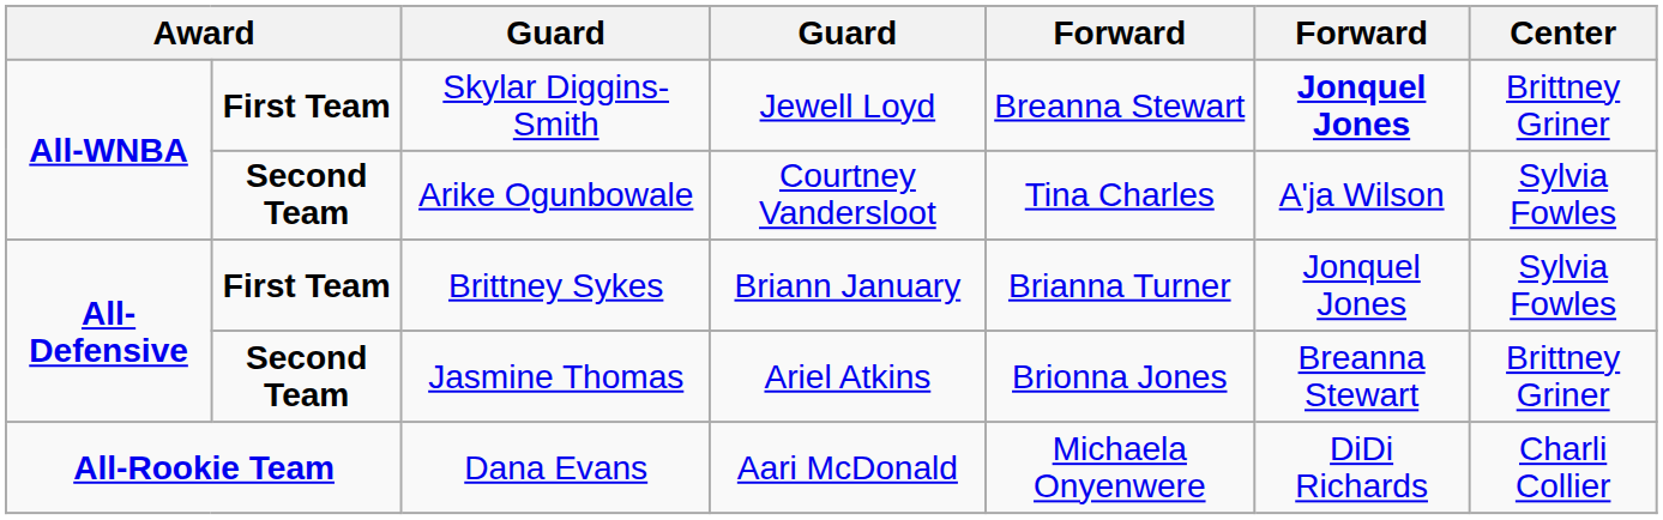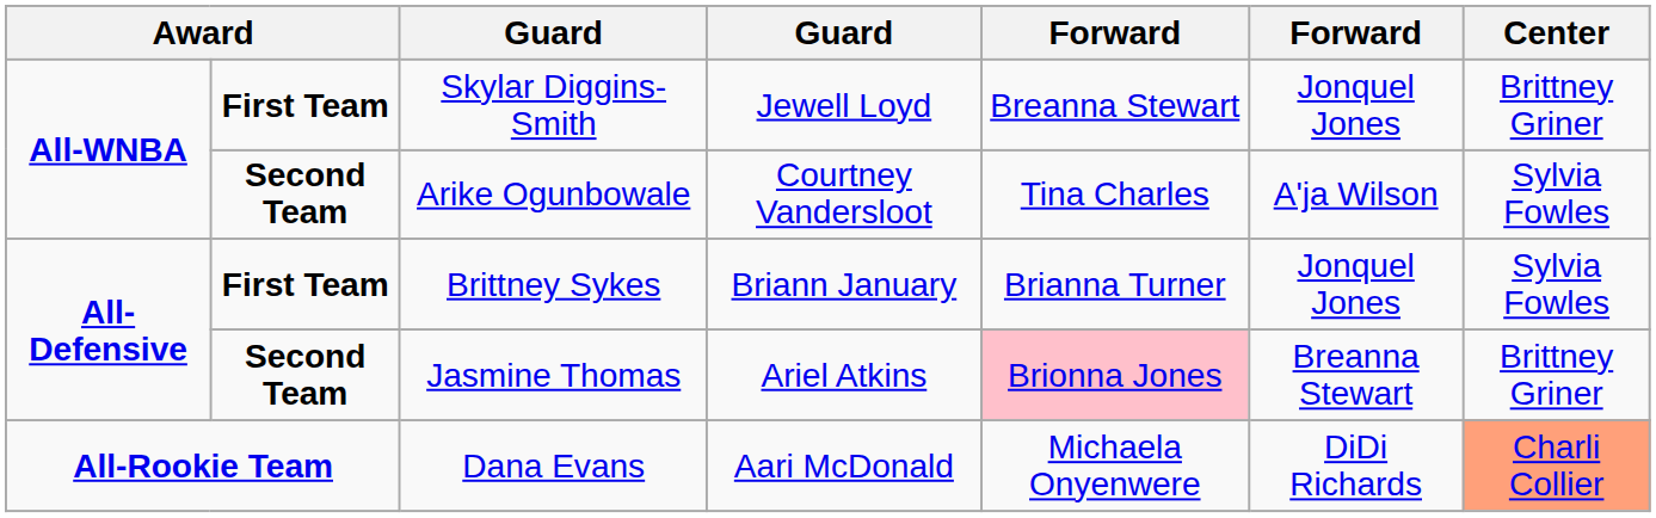 <table class="wikitable" style="width: 80%; text-align:center; font-size:90%">
 <tr>
 <th colspan="2">Award</th>
 <th width=125>Guard</th>
 <th>Guard</th>
 <th>Forward</th>
 <th>Forward</th>
 <th>Center</th>
 </tr>
 <tr>
 <td rowspan="2"><strong><a href='#'>All-WNBA</a></strong></td>
 <td><strong>First Team</strong></td>
 <td><a href='#'>Skylar Diggins-Smith</a></td>
 <td><a href='#'>Jewell Loyd</a></td>
 <td><a href='#'>Breanna Stewart</a></td>
-<td><strong><a href='#'>Jonquel Jones</a></strong></td>
+<td><a href='#'>Jonquel Jones</a></td>
 <td><a href='#'>Brittney Griner</a></td>
 </tr>
 <tr>
 <td><strong>Second Team</strong></td>
 <td><a href='#'>Arike Ogunbowale</a></td>
 <td><a href='#'>Courtney Vandersloot</a></td>
 <td><a href='#'>Tina Charles</a></td>
 <td><a href='#'>A'ja Wilson</a></td>
 <td><a href='#'>Sylvia Fowles</a></td>
 </tr>
 <tr>
 <td rowspan="2"><strong><a href='#'>All-Defensive</a></strong></td>
 <td><strong>First Team</strong></td>
 <td><a href='#'>Brittney Sykes</a></td>
 <td><a href='#'>Briann January</a></td>
 <td><a href='#'>Brianna Turner</a></td>
 <td><a href='#'>Jonquel Jones</a></td>
 <td><a href='#'>Sylvia Fowles</a></td>
 </tr>
 <tr>
 <td><strong>Second Team</strong></td>
 <td><a href='#'>Jasmine Thomas</a></td>
 <td><a href='#'>Ariel Atkins</a></td>
-<td><a href='#'>Brionna Jones</a></td>
+<td style="background: pink;"><a href='#'>Brionna Jones</a></td>
 <td><a href='#'>Breanna Stewart</a></td>
 <td><a href='#'>Brittney Griner</a></td>
 </tr>
 <tr>
 <td colspan="2"><strong><a href='#'>All-Rookie Team</a></strong></td>
 <td><a href='#'>Dana Evans</a></td>
 <td><a href='#'>Aari McDonald</a></td>
 <td><a href='#'>Michaela Onyenwere</a></td>
 <td><a href='#'>DiDi Richards</a></td>
-<td><a href='#'>Charli Collier</a></td>
+<td style="background: lightsalmon;"><a href='#'>Charli Collier</a></td>
 </tr>
 </table>
